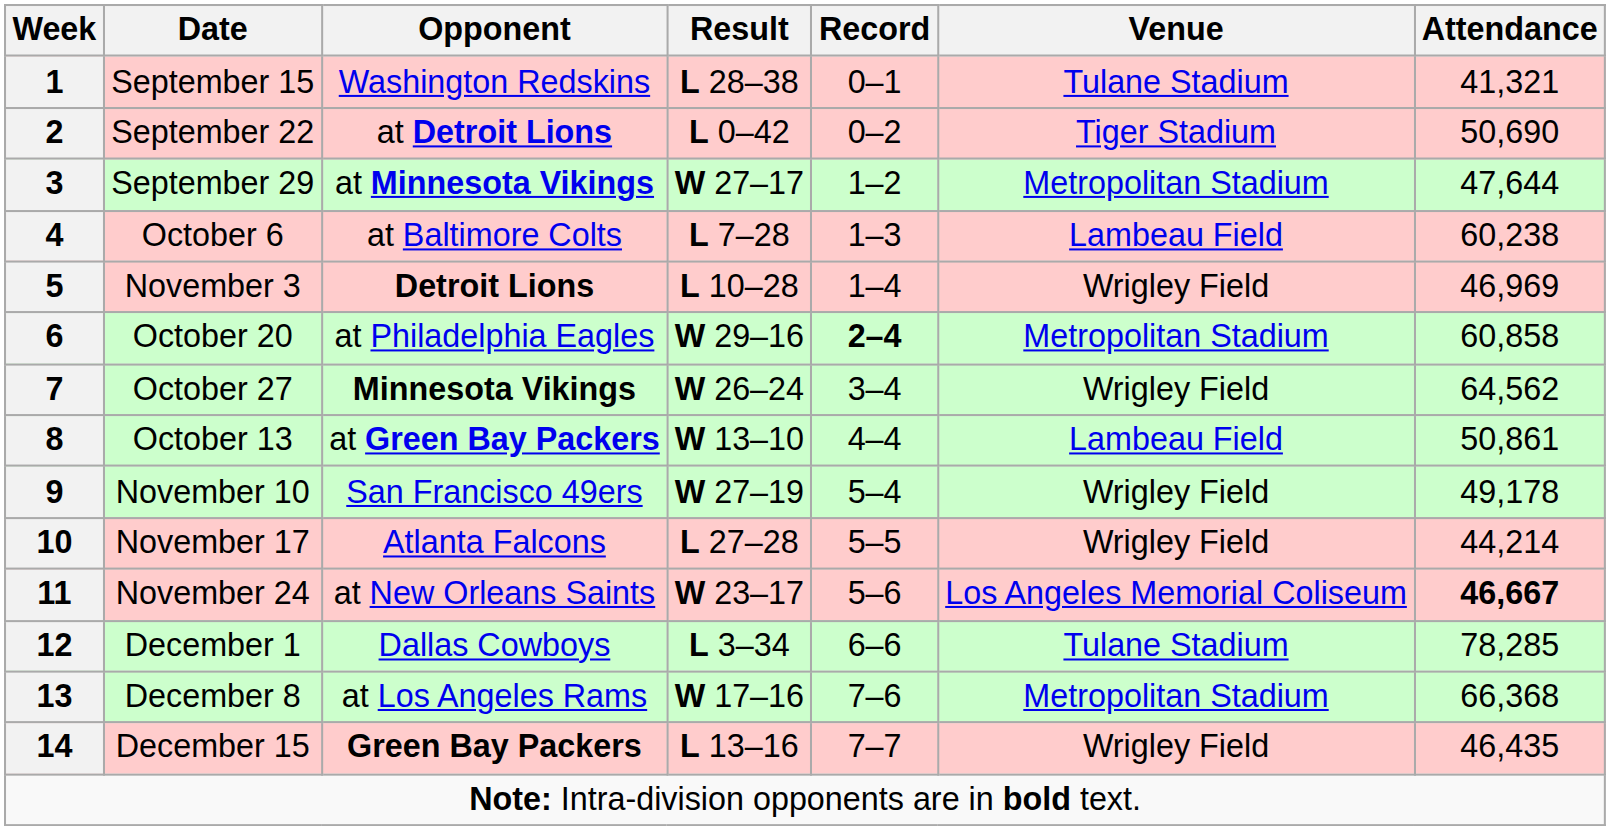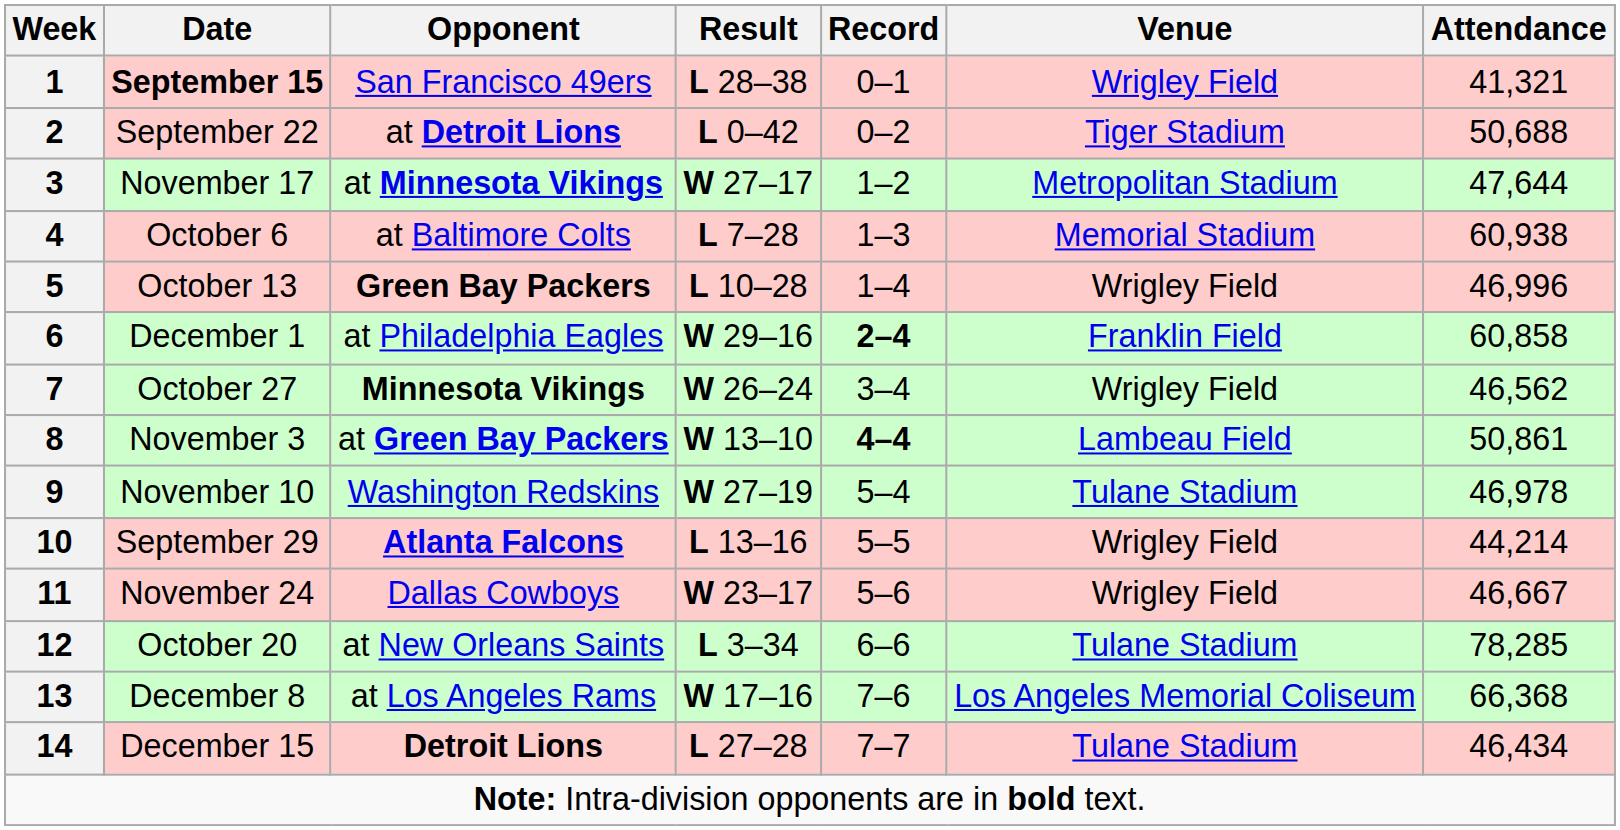 <table class="wikitable" style="text-align:center">
 <tr>
 <th>Week</th>
 <th>Date</th>
 <th>Opponent</th>
 <th>Result</th>
 <th>Record</th>
 <th>Venue</th>
 <th>Attendance</th>
 </tr>
 <tr style="background:#fcc">
 <th>1</th>
-<td>September 15</td>
-<td><a href='#'>Washington Redskins</a></td>
+<td><strong>September 15</strong></td>
+<td><a href='#'>San Francisco 49ers</a></td>
 <td><strong>L</strong> 28–38</td>
 <td>0–1</td>
-<td><a href='#'>Tulane Stadium</a></td>
+<td><a href='#'>Wrigley Field</a></td>
 <td>41,321</td>
 </tr>
 <tr style="background:#fcc">
 <th>2</th>
 <td>September 22</td>
 <td>at <strong><a href='#'>Detroit Lions</a></strong></td>
 <td><strong>L</strong> 0–42</td>
 <td>0–2</td>
 <td><a href='#'>Tiger Stadium</a></td>
-<td>50,690</td>
+<td>50,688</td>
 </tr>
 <tr style="background:#cfc">
 <th>3</th>
-<td>September 29</td>
+<td>November 17</td>
 <td>at <strong><a href='#'>Minnesota Vikings</a></strong></td>
 <td><strong>W</strong> 27–17</td>
 <td>1–2</td>
 <td><a href='#'>Metropolitan Stadium</a></td>
 <td>47,644</td>
 </tr>
 <tr style="background:#fcc">
 <th>4</th>
 <td>October 6</td>
 <td>at <a href='#'>Baltimore Colts</a></td>
 <td><strong>L</strong> 7–28</td>
 <td>1–3</td>
-<td><a href='#'>Lambeau Field</a></td>
-<td>60,238</td>
+<td><a href='#'>Memorial Stadium</a></td>
+<td>60,938</td>
 </tr>
 <tr style="background:#fcc">
 <th>5</th>
-<td>November 3</td>
-<td><strong>Detroit Lions</strong></td>
+<td>October 13</td>
+<td><strong>Green Bay Packers</strong></td>
 <td><strong>L</strong> 10–28</td>
 <td>1–4</td>
 <td>Wrigley Field</td>
-<td>46,969</td>
+<td>46,996</td>
 </tr>
 <tr style="background:#cfc">
 <th>6</th>
-<td>October 20</td>
+<td>December 1</td>
 <td>at <a href='#'>Philadelphia Eagles</a></td>
 <td><strong>W</strong> 29–16</td>
 <td><strong>2–4</strong></td>
-<td><a href='#'>Metropolitan Stadium</a></td>
+<td><a href='#'>Franklin Field</a></td>
 <td>60,858</td>
 </tr>
 <tr style="background:#cfc">
 <th>7</th>
 <td>October 27</td>
 <td><strong>Minnesota Vikings</strong></td>
 <td><strong>W</strong> 26–24</td>
 <td>3–4</td>
 <td>Wrigley Field</td>
-<td>64,562</td>
+<td>46,562</td>
 </tr>
 <tr style="background:#cfc">
 <th>8</th>
-<td>October 13</td>
+<td>November 3</td>
 <td>at <strong><a href='#'>Green Bay Packers</a></strong></td>
 <td><strong>W</strong> 13–10</td>
-<td>4–4</td>
+<td><strong>4–4</strong></td>
 <td><a href='#'>Lambeau Field</a></td>
 <td>50,861</td>
 </tr>
 <tr style="background:#cfc">
 <th>9</th>
 <td>November 10</td>
-<td><a href='#'>San Francisco 49ers</a></td>
+<td><a href='#'>Washington Redskins</a></td>
 <td><strong>W</strong> 27–19</td>
 <td>5–4</td>
-<td>Wrigley Field</td>
-<td>49,178</td>
+<td><a href='#'>Tulane Stadium</a></td>
+<td>46,978</td>
 </tr>
 <tr style="background:#fcc">
 <th>10</th>
-<td>November 17</td>
-<td><a href='#'>Atlanta Falcons</a></td>
-<td><strong>L</strong> 27–28</td>
+<td>September 29</td>
+<td><strong><a href='#'>Atlanta Falcons</a></strong></td>
+<td><strong>L</strong> 13–16</td>
 <td>5–5</td>
 <td>Wrigley Field</td>
 <td>44,214</td>
 </tr>
 <tr style="background:#fcc">
 <th>11</th>
 <td>November 24</td>
-<td>at <a href='#'>New Orleans Saints</a></td>
+<td><a href='#'>Dallas Cowboys</a></td>
 <td><strong>W</strong> 23–17</td>
 <td>5–6</td>
-<td><a href='#'>Los Angeles Memorial Coliseum</a></td>
-<td><strong>46,667</strong></td>
+<td>Wrigley Field</td>
+<td>46,667</td>
 </tr>
 <tr style="background:#cfc">
 <th>12</th>
-<td>December 1</td>
-<td><a href='#'>Dallas Cowboys</a></td>
+<td>October 20</td>
+<td>at <a href='#'>New Orleans Saints</a></td>
 <td><strong>L</strong> 3–34</td>
 <td>6–6</td>
 <td><a href='#'>Tulane Stadium</a></td>
 <td>78,285</td>
 </tr>
 <tr style="background:#cfc">
 <th>13</th>
 <td>December 8</td>
 <td>at <a href='#'>Los Angeles Rams</a></td>
 <td><strong>W</strong> 17–16</td>
 <td>7–6</td>
-<td><a href='#'>Metropolitan Stadium</a></td>
+<td><a href='#'>Los Angeles Memorial Coliseum</a></td>
 <td>66,368</td>
 </tr>
 <tr style="background:#fcc">
 <th>14</th>
 <td>December 15</td>
-<td><strong>Green Bay Packers</strong></td>
-<td><strong>L</strong> 13–16</td>
+<td><strong>Detroit Lions</strong></td>
+<td><strong>L</strong> 27–28</td>
 <td>7–7</td>
-<td>Wrigley Field</td>
-<td>46,435</td>
+<td><a href='#'>Tulane Stadium</a></td>
+<td>46,434</td>
 </tr>
 <tr>
 <td colspan="8"><strong>Note:</strong> Intra-division opponents are in <strong>bold</strong> text.</td>
 </tr>
 </table>
